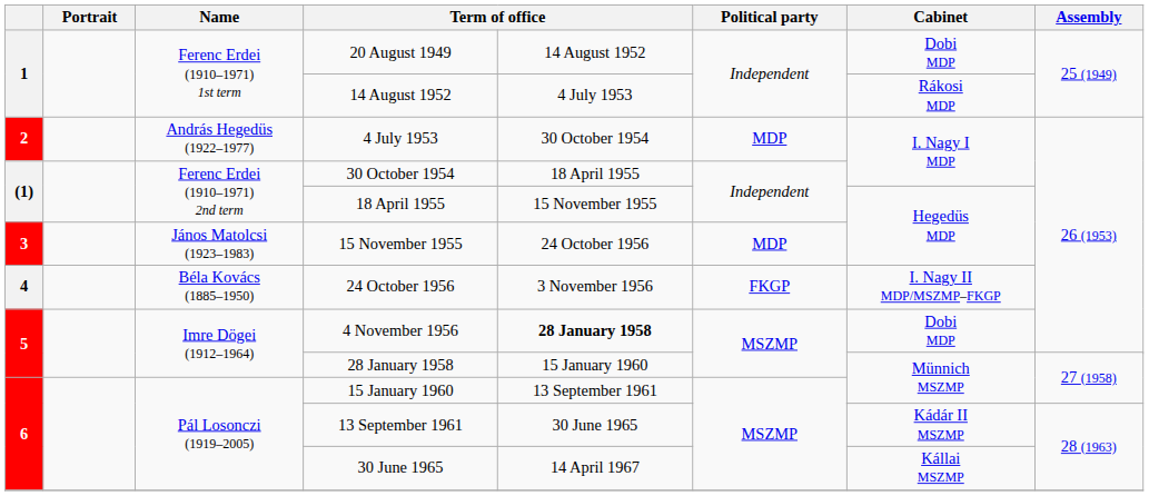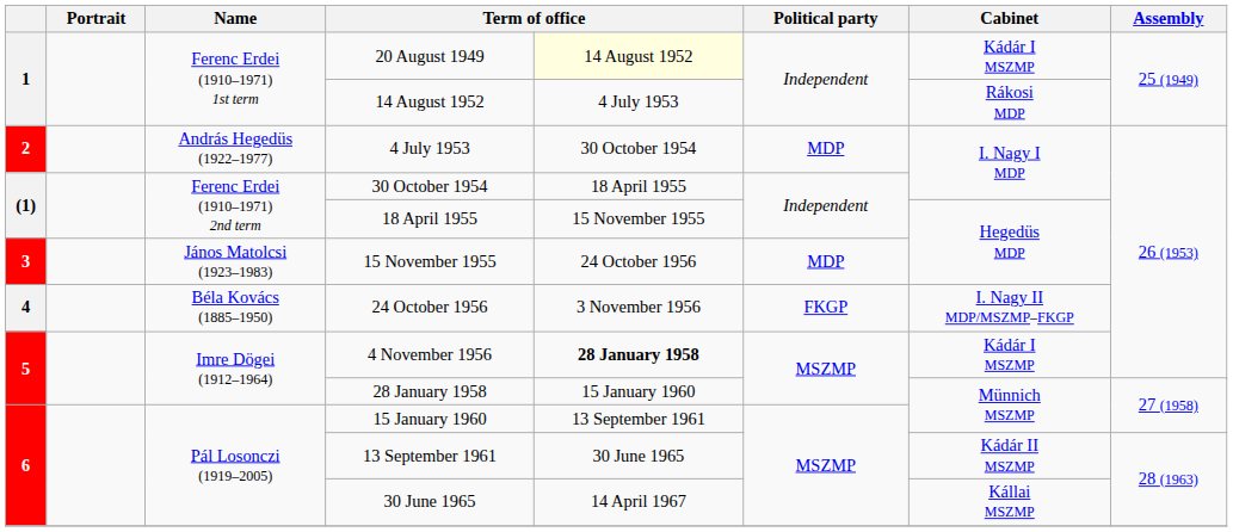 <table class="wikitable" style="width:90%; text-align:center;">
 <tr>
 <th></th>
 <th>Portrait</th>
 <th>Name<br></th>
 <th colspan=2>Term of office</th>
 <th>Political party</th>
 <th>Cabinet</th>
 <th><a href='#'>Assembly</a><br></th>
 </tr>
 <tr>
 <th rowspan="2" style="background-color:">1</th>
 <td rowspan="2"></td>
 <td rowspan="2"><a href='#'>Ferenc Erdei</a><br><small>(1910–1971)<br><em>1st term</em></small></td>
 <td>20 August 1949</td>
-<td>14 August 1952</td>
+<td style="background: lightyellow;">14 August 1952</td>
 <td rowspan="2"><em>Independent</em></td>
-<td><a href='#'>Dobi</a><br><small><a href='#'>MDP</a></small></td>
+<td><a href='#'>Kádár I</a><br><small><a href='#'>MSZMP</a></small></td>
 <td rowspan="2"><a href='#'>25 <small>(1949)</small></a></td>
 </tr>
 <tr>
 <td>14 August 1952</td>
 <td>4 July 1953</td>
 <td><a href='#'>Rákosi</a><br><small><a href='#'>MDP</a></small></td>
 </tr>
 <tr>
 <th style="background:Red; color:white">2</th>
 <td></td>
 <td><a href='#'>András Hegedüs</a><br><small>(1922–1977)</small></td>
 <td>4 July 1953</td>
 <td>30 October 1954</td>
 <td><a href='#'>MDP</a></td>
 <td rowspan="2"><a href='#'>I. Nagy I</a><br><small><a href='#'>MDP</a></small></td>
 <td rowspan="7"><a href='#'>26 <small>(1953)</small></a></td>
 </tr>
 <tr>
 <th rowspan="2" style="background-color:">(1)</th>
 <td rowspan="2"></td>
 <td rowspan="2"><a href='#'>Ferenc Erdei</a><br><small>(1910–1971)<br><em>2nd term</em></small></td>
 <td>30 October 1954</td>
 <td>18 April 1955</td>
 <td rowspan="2"><em>Independent</em></td>
 </tr>
 <tr>
 <td>18 April 1955</td>
 <td>15 November 1955</td>
 <td rowspan="2"><a href='#'>Hegedüs</a><br><small><a href='#'>MDP</a></small></td>
 </tr>
 <tr>
 <th style="background:Red; color:white">3</th>
 <td></td>
 <td><a href='#'>János Matolcsi</a><br><small>(1923–1983)</small></td>
 <td>15 November 1955</td>
 <td>24 October 1956</td>
 <td><a href='#'>MDP</a></td>
 </tr>
 <tr>
 <th style="background:">4</th>
 <td></td>
 <td><a href='#'>Béla Kovács</a><br><small>(1885–1950)</small></td>
 <td>24 October 1956</td>
 <td>3 November 1956</td>
 <td><a href='#'>FKGP</a></td>
 <td><a href='#'>I. Nagy II</a><br><small><a href='#'>MDP/MSZMP</a>–<a href='#'>FKGP</a></small></td>
 </tr>
 <tr>
 <th rowspan="3" style="background:Red; color:white">5</th>
 <td rowspan="3"></td>
 <td rowspan="3"><a href='#'>Imre Dögei</a><br><small>(1912–1964)</small></td>
 <td>4 November 1956</td>
 <td><strong>28 January 1958</strong></td>
 <td rowspan="3"><a href='#'>MSZMP</a></td>
-<td><a href='#'>Dobi</a><br><small><a href='#'>MDP</a></small></td>
+<td><a href='#'>Kádár I</a><br><small><a href='#'>MSZMP</a></small></td>
 </tr>
 <tr>
 <td rowspan="2">28 January 1958</td>
 <td rowspan="2">15 January 1960</td>
 <td rowspan="3"><a href='#'>Münnich</a><br><small><a href='#'>MSZMP</a></small></td>
 </tr>
 <tr>
 <td rowspan="3"><a href='#'>27 <small>(1958)</small></a></td>
 </tr>
 <tr>
 <th rowspan="4" style="background:Red; color:white">6</th>
 <td rowspan="4"></td>
 <td rowspan="4"><a href='#'>Pál Losonczi</a><br><small>(1919–2005)</small></td>
 <td>15 January 1960</td>
 <td>13 September 1961</td>
 <td rowspan="4"><a href='#'>MSZMP</a></td>
 </tr>
 <tr>
 <td rowspan="2">13 September 1961</td>
 <td rowspan="2">30 June 1965</td>
 <td rowspan="2"><a href='#'>Kádár II</a><br><small><a href='#'>MSZMP</a></small></td>
 </tr>
 <tr>
 <td rowspan="2"><a href='#'>28 <small>(1963)</small></a></td>
 </tr>
 <tr>
 <td>30 June 1965</td>
 <td>14 April 1967</td>
 <td><a href='#'>Kállai</a><br><small><a href='#'>MSZMP</a></small></td>
 </tr>
 <tr>
 </tr>
 </table>
